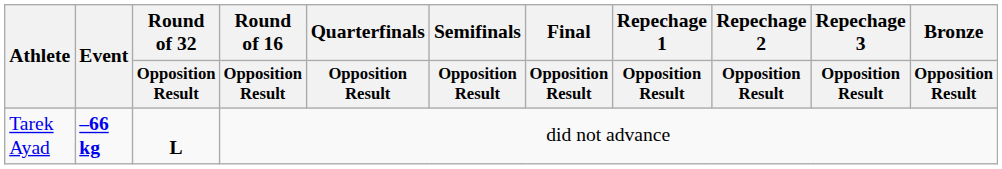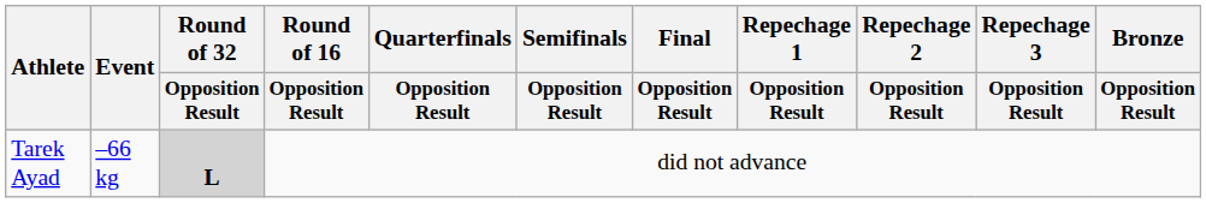 <table class="wikitable" style="font-size:90%">
 <tr>
 <th rowspan="2">Athlete</th>
 <th rowspan="2">Event</th>
 <th>Round of 32</th>
 <th>Round of 16</th>
 <th>Quarterfinals</th>
 <th>Semifinals</th>
 <th>Final</th>
 <th>Repechage 1</th>
 <th>Repechage 2</th>
 <th>Repechage 3</th>
 <th>Bronze</th>
 </tr>
 <tr>
 <th style="font-size:85%;line-height:1.2em">Opposition<br>Result</th>
 <th style="font-size:85%;line-height:1.2em">Opposition<br>Result</th>
 <th style="font-size:85%;line-height:1.2em">Opposition<br>Result</th>
 <th style="font-size:85%;line-height:1.2em">Opposition<br>Result</th>
 <th style="font-size:85%;line-height:1.2em">Opposition<br>Result</th>
 <th style="font-size:85%;line-height:1.2em">Opposition<br>Result</th>
 <th style="font-size:85%;line-height:1.2em">Opposition<br>Result</th>
 <th style="font-size:85%;line-height:1.2em">Opposition<br>Result</th>
 <th style="font-size:85%;line-height:1.2em">Opposition<br>Result</th>
 </tr>
 <tr>
 <td><a href='#'>Tarek Ayad</a></td>
-<td><strong><a href='#'>–66 kg</a></strong></td>
-<td align="center"><br><strong>L</strong></td>
+<td><a href='#'>–66 kg</a></td>
+<td align="center" style="background: lightgrey;"><br><strong>L</strong></td>
 <td align="center" colspan=8>did not advance</td>
 </tr>
 </table>
